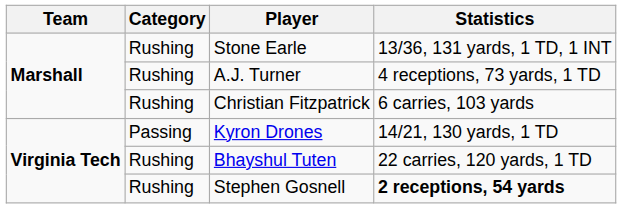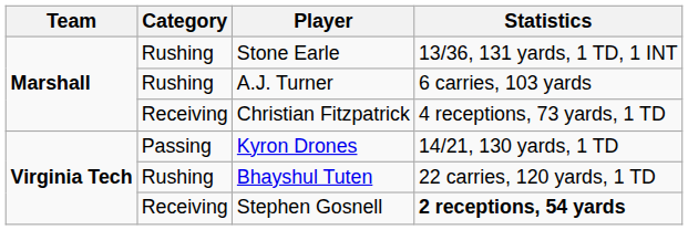 <table class="wikitable" style="float: right;">
 <tr>
 <th>Team</th>
 <th>Category</th>
 <th>Player</th>
 <th>Statistics</th>
 </tr>
 <tr>
 <td rowspan=3><strong>Marshall</strong></td>
 <td>Rushing</td>
 <td>Stone Earle</td>
 <td>13/36, 131 yards, 1 TD, 1 INT</td>
 </tr>
 <tr>
 <td>Rushing</td>
 <td>A.J. Turner</td>
-<td>4 receptions, 73 yards, 1 TD</td>
+<td>6 carries, 103 yards</td>
 </tr>
 <tr>
-<td>Rushing</td>
+<td>Receiving</td>
 <td>Christian Fitzpatrick</td>
-<td>6 carries, 103 yards</td>
+<td>4 receptions, 73 yards, 1 TD</td>
 </tr>
 <tr>
 <td rowspan=3><strong>Virginia Tech</strong></td>
 <td>Passing</td>
 <td><a href='#'>Kyron Drones</a></td>
 <td>14/21, 130 yards, 1 TD</td>
 </tr>
 <tr>
 <td>Rushing</td>
 <td><a href='#'>Bhayshul Tuten</a></td>
 <td>22 carries, 120 yards, 1 TD</td>
 </tr>
 <tr>
-<td>Rushing</td>
+<td>Receiving</td>
 <td>Stephen Gosnell</td>
 <td><strong>2 receptions, 54 yards</strong></td>
 </tr>
 </table>
